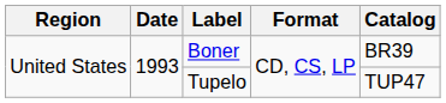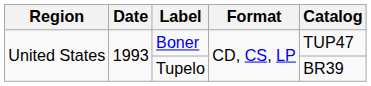 <table class="wikitable">
 <tr>
 <th>Region</th>
 <th>Date</th>
 <th>Label</th>
 <th>Format</th>
 <th>Catalog</th>
 </tr>
 <tr>
 <td rowspan="2">United States</td>
 <td rowspan="2">1993</td>
 <td><a href='#'>Boner</a></td>
 <td rowspan="2">CD, <a href='#'>CS</a>, <a href='#'>LP</a></td>
-<td>BR39</td>
+<td>TUP47</td>
 </tr>
 <tr>
 <td>Tupelo</td>
-<td>TUP47</td>
+<td>BR39</td>
 </tr>
 </table>
